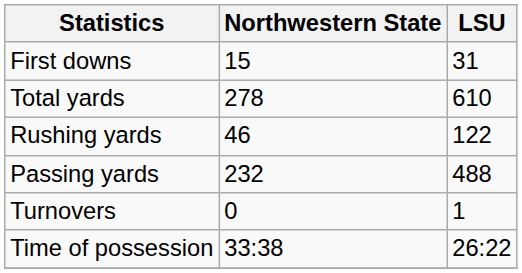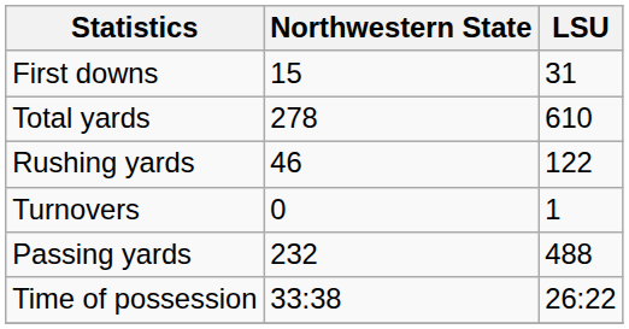 <table class="wikitable">
 <tr>
 <th>Statistics</th>
 <th>Northwestern State</th>
 <th>LSU</th>
 </tr>
 <tr>
 <td>First downs</td>
 <td>15</td>
 <td>31</td>
 </tr>
 <tr>
 <td>Total yards</td>
 <td>278</td>
 <td>610</td>
 </tr>
 <tr>
 <td>Rushing yards</td>
 <td>46</td>
 <td>122</td>
 </tr>
 <tr>
+<td>Turnovers</td>
+<td>0</td>
+<td>1</td>
+</tr>
+<tr>
 <td>Passing yards</td>
 <td>232</td>
 <td>488</td>
-</tr>
-<tr>
-<td>Turnovers</td>
-<td>0</td>
-<td>1</td>
 </tr>
 <tr>
 <td>Time of possession</td>
 <td>33:38</td>
 <td>26:22</td>
 </tr>
 <tr>
 </tr>
 </table>
